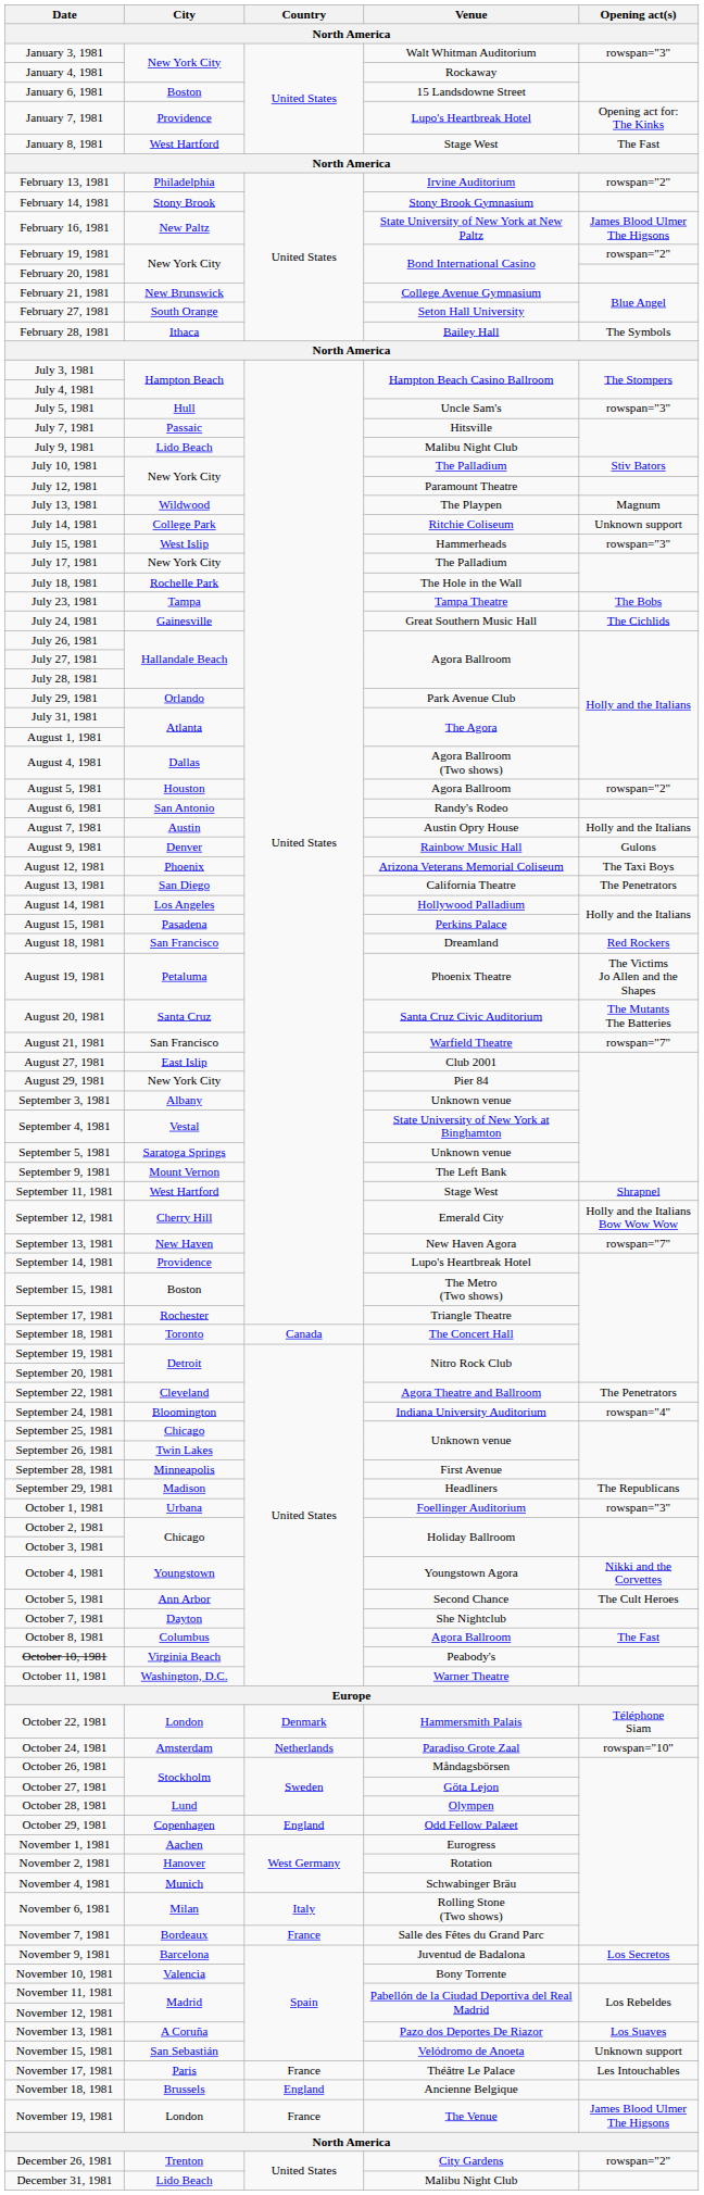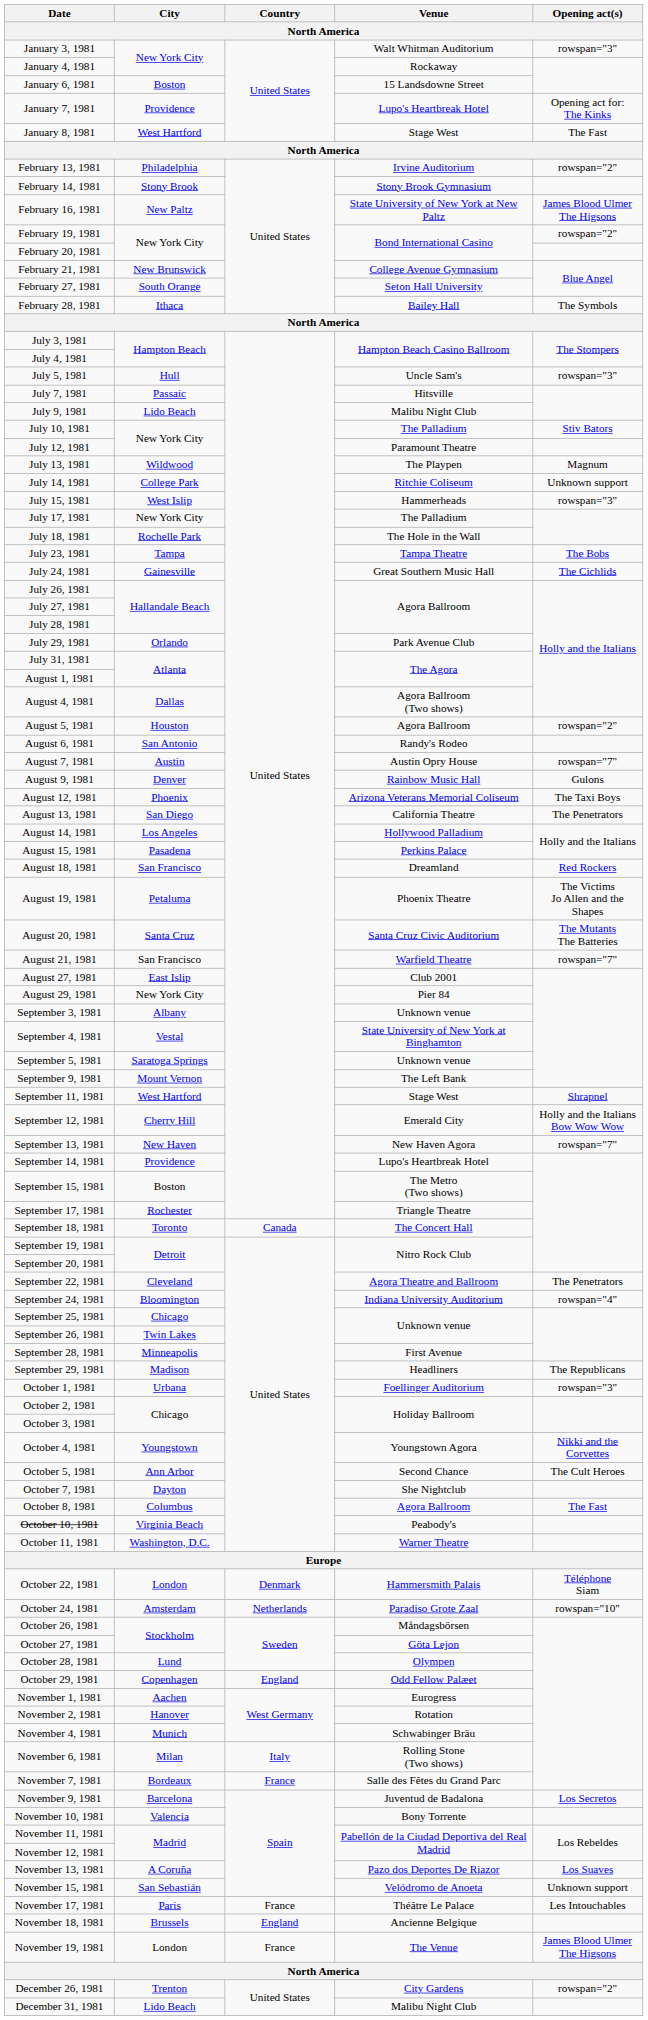 <table class="wikitable" style="text-align:center;">
 <tr>
 <th width="150">Date</th>
 <th width="150">City</th>
 <th width="150">Country</th>
 <th width="275">Venue</th>
 <th width="150">Opening act(s)</th>
 </tr>
 <tr>
 <th colspan="5">North America</th>
 </tr>
 <tr>
 <td>January 3, 1981</td>
 <td rowspan="2"><a href='#'>New York City</a></td>
 <td rowspan="5"><a href='#'>United States</a></td>
 <td>Walt Whitman Auditorium</td>
 <td>rowspan="3"</td>
 </tr>
 <tr>
 <td>January 4, 1981</td>
 <td>Rockaway</td>
 </tr>
 <tr>
 <td>January 6, 1981</td>
 <td><a href='#'>Boston</a></td>
 <td>15 Landsdowne Street</td>
 </tr>
 <tr>
 <td>January 7, 1981</td>
 <td><a href='#'>Providence</a></td>
 <td><a href='#'>Lupo's Heartbreak Hotel</a></td>
 <td>Opening act for:<br><a href='#'>The Kinks</a></td>
 </tr>
 <tr>
 <td>January 8, 1981</td>
 <td><a href='#'>West Hartford</a></td>
 <td>Stage West</td>
 <td>The Fast</td>
 </tr>
 <tr>
 <th colspan="5">North America</th>
 </tr>
 <tr>
 <td>February 13, 1981</td>
 <td><a href='#'>Philadelphia</a></td>
 <td rowspan="8">United States</td>
 <td><a href='#'>Irvine Auditorium</a></td>
 <td>rowspan="2"</td>
 </tr>
 <tr>
 <td>February 14, 1981</td>
 <td><a href='#'>Stony Brook</a></td>
 <td><a href='#'>Stony Brook Gymnasium</a></td>
 </tr>
 <tr>
 <td>February 16, 1981</td>
 <td><a href='#'>New Paltz</a></td>
 <td><a href='#'>State University of New York at New Paltz</a></td>
 <td><a href='#'>James Blood Ulmer</a><br><a href='#'>The Higsons</a></td>
 </tr>
 <tr>
 <td>February 19, 1981</td>
 <td rowspan="2">New York City</td>
 <td rowspan="2"><a href='#'>Bond International Casino</a></td>
 <td>rowspan="2"</td>
 </tr>
 <tr>
 <td>February 20, 1981</td>
 </tr>
 <tr>
 <td>February 21, 1981</td>
 <td><a href='#'>New Brunswick</a></td>
 <td><a href='#'>College Avenue Gymnasium</a></td>
 <td rowspan="2"><a href='#'>Blue Angel</a></td>
 </tr>
 <tr>
 <td>February 27, 1981</td>
 <td><a href='#'>South Orange</a></td>
 <td><a href='#'>Seton Hall University</a></td>
 </tr>
 <tr>
 <td>February 28, 1981</td>
 <td><a href='#'>Ithaca</a></td>
 <td><a href='#'>Bailey Hall</a></td>
 <td>The Symbols</td>
 </tr>
 <tr>
 <th colspan="5">North America</th>
 </tr>
 <tr>
 <td>July 3, 1981</td>
 <td rowspan="2"><a href='#'>Hampton Beach</a></td>
 <td rowspan="45">United States</td>
 <td rowspan="2"><a href='#'>Hampton Beach Casino Ballroom</a></td>
 <td rowspan="2"><a href='#'>The Stompers</a></td>
 </tr>
 <tr>
 <td>July 4, 1981</td>
 </tr>
 <tr>
 <td>July 5, 1981</td>
 <td><a href='#'>Hull</a></td>
 <td>Uncle Sam's</td>
 <td>rowspan="3"</td>
 </tr>
 <tr>
 <td>July 7, 1981</td>
 <td><a href='#'>Passaic</a></td>
 <td>Hitsville</td>
 </tr>
 <tr>
 <td>July 9, 1981</td>
 <td><a href='#'>Lido Beach</a></td>
 <td>Malibu Night Club</td>
 </tr>
 <tr>
 <td>July 10, 1981</td>
 <td rowspan="2">New York City</td>
 <td><a href='#'>The Palladium</a></td>
 <td><a href='#'>Stiv Bators</a></td>
 </tr>
 <tr>
 <td>July 12, 1981</td>
 <td>Paramount Theatre</td>
 <td></td>
 </tr>
 <tr>
 <td>July 13, 1981</td>
 <td><a href='#'>Wildwood</a></td>
 <td>The Playpen</td>
 <td>Magnum</td>
 </tr>
 <tr>
 <td>July 14, 1981</td>
 <td><a href='#'>College Park</a></td>
 <td><a href='#'>Ritchie Coliseum</a></td>
 <td>Unknown support</td>
 </tr>
 <tr>
 <td>July 15, 1981</td>
 <td><a href='#'>West Islip</a></td>
 <td>Hammerheads</td>
 <td>rowspan="3"</td>
 </tr>
 <tr>
 <td>July 17, 1981</td>
 <td>New York City</td>
 <td>The Palladium</td>
 </tr>
 <tr>
 <td>July 18, 1981</td>
 <td><a href='#'>Rochelle Park</a></td>
 <td>The Hole in the Wall</td>
 </tr>
 <tr>
 <td>July 23, 1981</td>
 <td><a href='#'>Tampa</a></td>
 <td><a href='#'>Tampa Theatre</a></td>
 <td><a href='#'>The Bobs</a></td>
 </tr>
 <tr>
 <td>July 24, 1981</td>
 <td><a href='#'>Gainesville</a></td>
 <td>Great Southern Music Hall</td>
 <td><a href='#'>The Cichlids</a></td>
 </tr>
 <tr>
 <td>July 26, 1981</td>
 <td rowspan="3"><a href='#'>Hallandale Beach</a></td>
 <td rowspan="3">Agora Ballroom</td>
 <td rowspan="7"><a href='#'>Holly and the Italians</a></td>
 </tr>
 <tr>
 <td>July 27, 1981</td>
 </tr>
 <tr>
 <td>July 28, 1981</td>
 </tr>
 <tr>
 <td>July 29, 1981</td>
 <td><a href='#'>Orlando</a></td>
 <td>Park Avenue Club</td>
 </tr>
 <tr>
 <td>July 31, 1981</td>
 <td rowspan="2"><a href='#'>Atlanta</a></td>
 <td rowspan="2"><a href='#'>The Agora</a></td>
 </tr>
 <tr>
 <td>August 1, 1981</td>
 </tr>
 <tr>
 <td>August 4, 1981</td>
 <td><a href='#'>Dallas</a></td>
 <td>Agora Ballroom<br>(Two shows)</td>
 </tr>
 <tr>
 <td>August 5, 1981</td>
 <td><a href='#'>Houston</a></td>
 <td>Agora Ballroom</td>
 <td>rowspan="2"</td>
 </tr>
 <tr>
 <td>August 6, 1981</td>
 <td><a href='#'>San Antonio</a></td>
 <td>Randy's Rodeo</td>
 </tr>
 <tr>
 <td>August 7, 1981</td>
 <td><a href='#'>Austin</a></td>
 <td>Austin Opry House</td>
-<td>Holly and the Italians</td>
+<td>rowspan="7"</td>
 </tr>
 <tr>
 <td>August 9, 1981</td>
 <td><a href='#'>Denver</a></td>
 <td><a href='#'>Rainbow Music Hall</a></td>
 <td>Gulons</td>
 </tr>
 <tr>
 <td>August 12, 1981</td>
 <td><a href='#'>Phoenix</a></td>
 <td><a href='#'>Arizona Veterans Memorial Coliseum</a></td>
 <td>The Taxi Boys</td>
 </tr>
 <tr>
 <td>August 13, 1981</td>
 <td><a href='#'>San Diego</a></td>
 <td>California Theatre</td>
 <td>The Penetrators</td>
 </tr>
 <tr>
 <td>August 14, 1981</td>
 <td><a href='#'>Los Angeles</a></td>
 <td><a href='#'>Hollywood Palladium</a></td>
 <td rowspan="2">Holly and the Italians</td>
 </tr>
 <tr>
 <td>August 15, 1981</td>
 <td><a href='#'>Pasadena</a></td>
 <td><a href='#'>Perkins Palace</a></td>
 </tr>
 <tr>
 <td>August 18, 1981</td>
 <td><a href='#'>San Francisco</a></td>
 <td>Dreamland</td>
 <td><a href='#'>Red Rockers</a></td>
 </tr>
 <tr>
 <td>August 19, 1981</td>
 <td><a href='#'>Petaluma</a></td>
 <td>Phoenix Theatre</td>
 <td>The Victims<br>Jo Allen and the Shapes</td>
 </tr>
 <tr>
 <td>August 20, 1981</td>
 <td><a href='#'>Santa Cruz</a></td>
 <td><a href='#'>Santa Cruz Civic Auditorium</a></td>
 <td><a href='#'>The Mutants</a><br>The Batteries</td>
 </tr>
 <tr>
 <td>August 21, 1981</td>
 <td>San Francisco</td>
 <td><a href='#'>Warfield Theatre</a></td>
 <td>rowspan="7"</td>
 </tr>
 <tr>
 <td>August 27, 1981</td>
 <td><a href='#'>East Islip</a></td>
 <td>Club 2001</td>
 </tr>
 <tr>
 <td>August 29, 1981</td>
 <td>New York City</td>
 <td>Pier 84</td>
 </tr>
 <tr>
 <td>September 3, 1981</td>
 <td><a href='#'>Albany</a></td>
 <td>Unknown venue</td>
 </tr>
 <tr>
 <td>September 4, 1981</td>
 <td><a href='#'>Vestal</a></td>
 <td><a href='#'>State University of New York at Binghamton</a></td>
 </tr>
 <tr>
 <td>September 5, 1981</td>
 <td><a href='#'>Saratoga Springs</a></td>
 <td>Unknown venue</td>
 </tr>
 <tr>
 <td>September 9, 1981</td>
 <td><a href='#'>Mount Vernon</a></td>
 <td>The Left Bank</td>
 </tr>
 <tr>
 <td>September 11, 1981</td>
 <td><a href='#'>West Hartford</a></td>
 <td>Stage West</td>
 <td><a href='#'>Shrapnel</a></td>
 </tr>
 <tr>
 <td>September 12, 1981</td>
 <td><a href='#'>Cherry Hill</a></td>
 <td>Emerald City</td>
 <td>Holly and the Italians<br><a href='#'>Bow Wow Wow</a></td>
 </tr>
 <tr>
 <td>September 13, 1981</td>
 <td><a href='#'>New Haven</a></td>
 <td>New Haven Agora</td>
 <td>rowspan="7"</td>
 </tr>
 <tr>
 <td>September 14, 1981</td>
 <td><a href='#'>Providence</a></td>
 <td>Lupo's Heartbreak Hotel</td>
 </tr>
 <tr>
 <td>September 15, 1981</td>
 <td>Boston</td>
 <td>The Metro<br>(Two shows)</td>
 </tr>
 <tr>
 <td>September 17, 1981</td>
 <td><a href='#'>Rochester</a></td>
 <td>Triangle Theatre</td>
 </tr>
 <tr>
 <td>September 18, 1981</td>
 <td><a href='#'>Toronto</a></td>
 <td><a href='#'>Canada</a></td>
 <td><a href='#'>The Concert Hall</a></td>
 </tr>
 <tr>
 <td>September 19, 1981</td>
 <td rowspan="2"><a href='#'>Detroit</a></td>
 <td rowspan="17">United States</td>
 <td rowspan="2">Nitro Rock Club</td>
 </tr>
 <tr>
 <td>September 20, 1981</td>
 </tr>
 <tr>
 <td>September 22, 1981</td>
 <td><a href='#'>Cleveland</a></td>
 <td><a href='#'>Agora Theatre and Ballroom</a></td>
 <td>The Penetrators</td>
 </tr>
 <tr>
 <td>September 24, 1981</td>
 <td><a href='#'>Bloomington</a></td>
 <td><a href='#'>Indiana University Auditorium</a></td>
 <td>rowspan="4"</td>
 </tr>
 <tr>
 <td>September 25, 1981</td>
 <td><a href='#'>Chicago</a></td>
 <td rowspan="2">Unknown venue</td>
 </tr>
 <tr>
 <td>September 26, 1981</td>
 <td><a href='#'>Twin Lakes</a></td>
 </tr>
 <tr>
 <td>September 28, 1981</td>
 <td><a href='#'>Minneapolis</a></td>
 <td>First Avenue</td>
 </tr>
 <tr>
 <td>September 29, 1981</td>
 <td><a href='#'>Madison</a></td>
 <td>Headliners</td>
 <td>The Republicans</td>
 </tr>
 <tr>
 <td>October 1, 1981</td>
 <td><a href='#'>Urbana</a></td>
 <td><a href='#'>Foellinger Auditorium</a></td>
 <td>rowspan="3"</td>
 </tr>
 <tr>
 <td>October 2, 1981</td>
 <td rowspan="2">Chicago</td>
 <td rowspan="2">Holiday Ballroom</td>
 </tr>
 <tr>
 <td>October 3, 1981</td>
 </tr>
 <tr>
 <td>October 4, 1981</td>
 <td><a href='#'>Youngstown</a></td>
 <td>Youngstown Agora</td>
 <td><a href='#'>Nikki and the Corvettes</a></td>
 </tr>
 <tr>
 <td>October 5, 1981</td>
 <td><a href='#'>Ann Arbor</a></td>
 <td>Second Chance</td>
 <td>The Cult Heroes</td>
 </tr>
 <tr>
 <td>October 7, 1981</td>
 <td><a href='#'>Dayton</a></td>
 <td>She Nightclub</td>
 <td></td>
 </tr>
 <tr>
 <td>October 8, 1981</td>
 <td><a href='#'>Columbus</a></td>
 <td><a href='#'>Agora Ballroom</a></td>
 <td><a href='#'>The Fast</a></td>
 </tr>
 <tr>
 <td><s>October 10, 1981</s></td>
 <td><a href='#'>Virginia Beach</a></td>
 <td>Peabody's</td>
 <td></td>
 </tr>
 <tr>
 <td>October 11, 1981</td>
 <td><a href='#'>Washington, D.C.</a></td>
 <td><a href='#'>Warner Theatre</a></td>
 <td></td>
 </tr>
 <tr>
 <th colspan="5">Europe</th>
 </tr>
 <tr>
 <td>October 22, 1981</td>
 <td><a href='#'>London</a></td>
 <td><a href='#'>Denmark</a></td>
 <td><a href='#'>Hammersmith Palais</a></td>
 <td><a href='#'>Téléphone</a><br>Siam</td>
 </tr>
 <tr>
 <td>October 24, 1981</td>
 <td><a href='#'>Amsterdam</a></td>
 <td><a href='#'>Netherlands</a></td>
 <td><a href='#'>Paradiso Grote Zaal</a></td>
 <td>rowspan="10"</td>
 </tr>
 <tr>
 <td>October 26, 1981</td>
 <td rowspan="2"><a href='#'>Stockholm</a></td>
 <td rowspan="3"><a href='#'>Sweden</a></td>
 <td>Måndagsbörsen</td>
 </tr>
 <tr>
 <td>October 27, 1981</td>
 <td><a href='#'>Göta Lejon</a></td>
 </tr>
 <tr>
 <td>October 28, 1981</td>
 <td><a href='#'>Lund</a></td>
 <td><a href='#'>Olympen</a></td>
 </tr>
 <tr>
 <td>October 29, 1981</td>
 <td><a href='#'>Copenhagen</a></td>
 <td><a href='#'>England</a></td>
 <td><a href='#'>Odd Fellow Palæet</a></td>
 </tr>
 <tr>
 <td>November 1, 1981</td>
 <td><a href='#'>Aachen</a></td>
 <td rowspan="3"><a href='#'>West Germany</a></td>
 <td>Eurogress</td>
 </tr>
 <tr>
 <td>November 2, 1981</td>
 <td><a href='#'>Hanover</a></td>
 <td>Rotation</td>
 </tr>
 <tr>
 <td>November 4, 1981</td>
 <td><a href='#'>Munich</a></td>
 <td>Schwabinger Bräu</td>
 </tr>
 <tr>
 <td>November 6, 1981</td>
 <td><a href='#'>Milan</a></td>
 <td><a href='#'>Italy</a></td>
 <td>Rolling Stone<br>(Two shows)</td>
 </tr>
 <tr>
 <td>November 7, 1981</td>
 <td><a href='#'>Bordeaux</a></td>
 <td><a href='#'>France</a></td>
 <td>Salle des Fêtes du Grand Parc</td>
 </tr>
 <tr>
 <td>November 9, 1981</td>
 <td><a href='#'>Barcelona</a></td>
 <td rowspan="6"><a href='#'>Spain</a></td>
 <td>Juventud de Badalona</td>
 <td><a href='#'>Los Secretos</a></td>
 </tr>
 <tr>
 <td>November 10, 1981</td>
 <td><a href='#'>Valencia</a></td>
 <td>Bony Torrente</td>
 <td></td>
 </tr>
 <tr>
 <td>November 11, 1981</td>
 <td rowspan="2"><a href='#'>Madrid</a></td>
 <td rowspan="2"><a href='#'>Pabellón de la Ciudad Deportiva del Real Madrid</a></td>
 <td rowspan="2">Los Rebeldes</td>
 </tr>
 <tr>
 <td>November 12, 1981</td>
 </tr>
 <tr>
 <td>November 13, 1981</td>
 <td><a href='#'>A Coruña</a></td>
 <td><a href='#'>Pazo dos Deportes De Riazor</a></td>
 <td><a href='#'>Los Suaves</a></td>
 </tr>
 <tr>
 <td>November 15, 1981</td>
 <td><a href='#'>San Sebastián</a></td>
 <td><a href='#'>Velódromo de Anoeta</a></td>
 <td>Unknown support</td>
 </tr>
 <tr>
 <td>November 17, 1981</td>
 <td><a href='#'>Paris</a></td>
 <td>France</td>
 <td>Théâtre Le Palace</td>
 <td>Les Intouchables</td>
 </tr>
 <tr>
 <td>November 18, 1981</td>
 <td><a href='#'>Brussels</a></td>
 <td><a href='#'>England</a></td>
 <td>Ancienne Belgique</td>
 <td></td>
 </tr>
 <tr>
 <td>November 19, 1981</td>
 <td>London</td>
 <td>France</td>
 <td><a href='#'>The Venue</a></td>
 <td><a href='#'>James Blood Ulmer</a><br><a href='#'>The Higsons</a></td>
 </tr>
 <tr>
 <th colspan="5">North America</th>
 </tr>
 <tr>
 <td>December 26, 1981</td>
 <td><a href='#'>Trenton</a></td>
 <td rowspan="2">United States</td>
 <td><a href='#'>City Gardens</a></td>
 <td>rowspan="2"</td>
 </tr>
 <tr>
 <td>December 31, 1981</td>
 <td><a href='#'>Lido Beach</a></td>
 <td>Malibu Night Club</td>
 </tr>
 </table>
